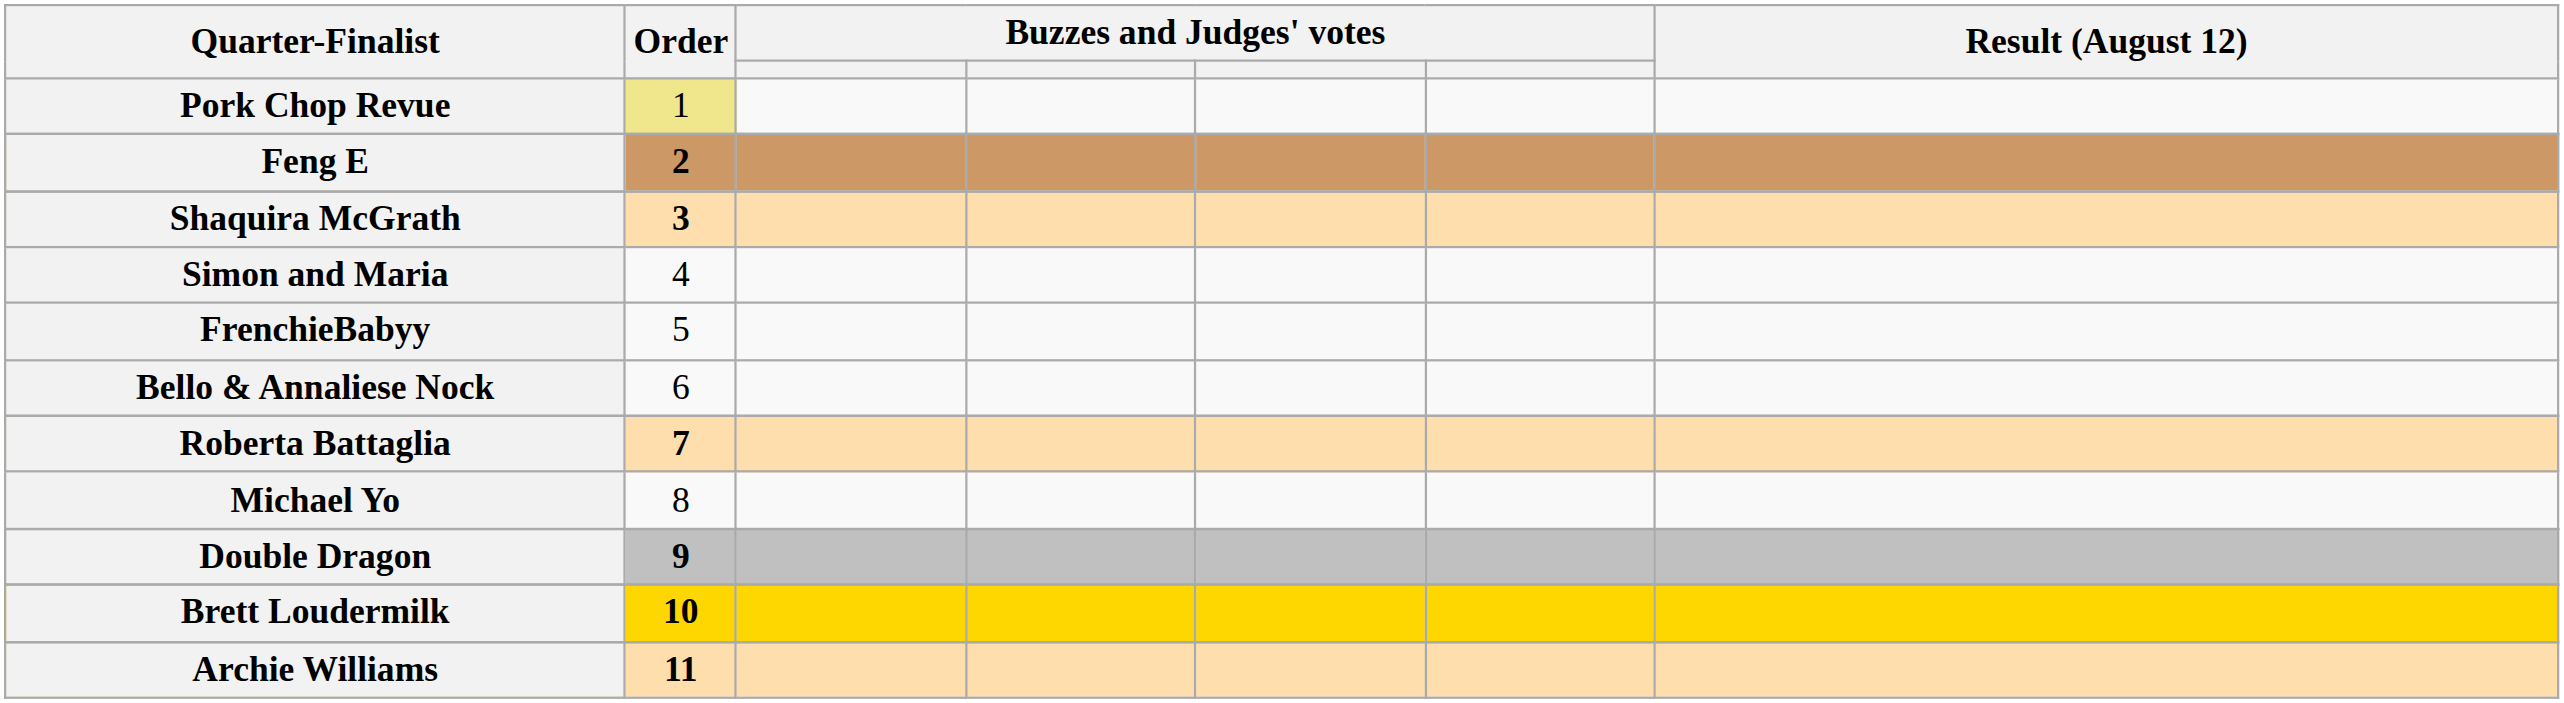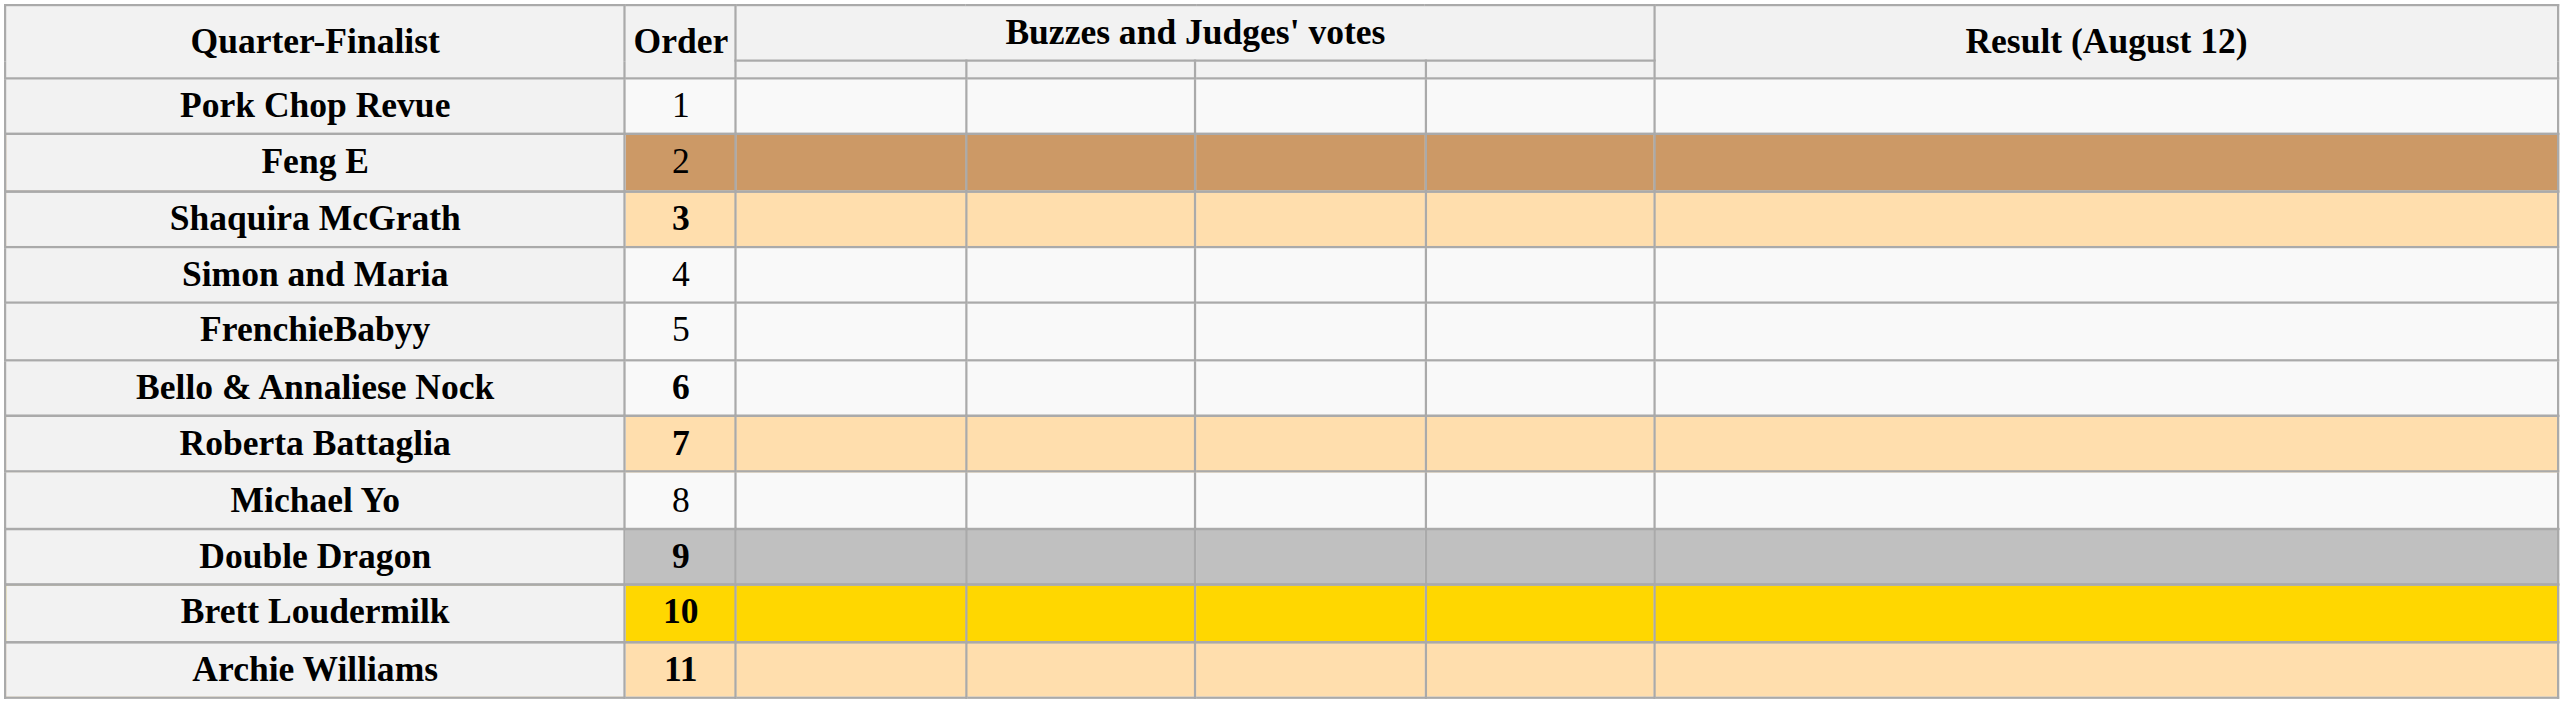 <table class="wikitable plainrowheaders sortable" style="text-align:center;">
 <tr>
 <th scope="col" rowspan="2" class="unsortable" style="width:17em;">Quarter-Finalist</th>
 <th scope="col" rowspan="2" style="width:1em;">Order</th>
 <th scope="col" colspan="4" class="unsortable" style="width:24em;">Buzzes and Judges' votes</th>
 <th scope="col" rowspan="2" style="width:25em;">Result (August 12)</th>
 </tr>
 <tr>
 <th scope="col" class="unsortable" style="width:6em;"> </th>
 <th scope="col" class="unsortable" style="width:6em;"></th>
 <th scope="col" class="unsortable" style="width:6em;"></th>
 <th scope="col" class="unsortable" style="width:6em;"></th>
 </tr>
 <tr>
 <th scope="row">Pork Chop Revue</th>
-<td style="background: khaki;">1</td>
+<td>1</td>
 <td style="text-align:center;"></td>
 <td style="text-align:center;"></td>
 <td style="text-align:center;"></td>
 <td style="text-align:center;"></td>
 <td></td>
 </tr>
 <tr>
 </tr>
 <tr style="background:#c96">
 <th scope="row">Feng E</th>
-<td><strong>2</strong></td>
+<td>2</td>
 <td style="text-align:center;"></td>
 <td style="text-align:center;"></td>
 <td style="text-align:center;"></td>
 <td style="text-align:center;"></td>
 <td></td>
 </tr>
 <tr>
 </tr>
 <tr style="background:NavajoWhite">
 <th scope="row"><strong>Shaquira McGrath</strong></th>
 <td><strong>3</strong></td>
 <td style="text-align:center;"></td>
 <td style="text-align:center;"></td>
 <td style="text-align:center;"></td>
 <td style="text-align:center;"></td>
 <td><strong></strong></td>
 </tr>
 <tr>
 <th scope="row">Simon and Maria</th>
 <td>4</td>
 <td style="text-align:center;"></td>
 <td style="text-align:center;"></td>
 <td style="text-align:center;"></td>
 <td style="text-align:center;"></td>
 <td></td>
 </tr>
 <tr>
 <th scope="row">FrenchieBabyy</th>
 <td>5</td>
 <td style="text-align:center;"></td>
 <td style="text-align:center;"></td>
 <td style="text-align:center;"></td>
 <td style="text-align:center;"></td>
 <td></td>
 </tr>
 <tr>
 <th scope="row">Bello & Annaliese Nock</th>
-<td>6</td>
+<td><strong>6</strong></td>
 <td style="text-align:center;"></td>
 <td style="text-align:center;"></td>
 <td style="text-align:center;"></td>
 <td style="text-align:center;"></td>
 <td></td>
 </tr>
 <tr>
 </tr>
 <tr style="background:NavajoWhite">
 <th scope="row"><strong>Roberta Battaglia</strong></th>
 <td><strong>7</strong></td>
 <td style="text-align:center;"></td>
 <td style="text-align:center;"></td>
 <td style="text-align:center;"></td>
 <td style="text-align:center;"></td>
 <td><strong></strong></td>
 </tr>
 <tr>
 <th scope="row">Michael Yo</th>
 <td>8</td>
 <td style="text-align:center;"></td>
 <td style="text-align:center;"></td>
 <td style="text-align:center;"></td>
 <td style="text-align:center;"></td>
 <td></td>
 </tr>
 <tr>
 </tr>
 <tr style="background:silver">
 <th scope="row"><strong>Double Dragon</strong></th>
 <td><strong>9</strong></td>
 <td style="text-align:center;"></td>
 <td style="text-align:center;"></td>
 <td style="text-align:center;"></td>
 <td style="text-align:center;"></td>
 <td><strong></strong></td>
 </tr>
 <tr>
 </tr>
 <tr style="background:gold">
 <th scope="row"><strong>Brett Loudermilk</strong></th>
 <td><strong>10</strong></td>
 <td style="text-align:center;"></td>
 <td style="text-align:center;"></td>
 <td style="text-align:center;"></td>
 <td style="text-align:center;"></td>
 <td><strong></strong></td>
 </tr>
 <tr>
 </tr>
 <tr style="background:NavajoWhite">
 <th scope="row"><strong>Archie Williams</strong></th>
 <td><strong>11</strong></td>
 <td style="text-align:center;"></td>
 <td style="text-align:center;"></td>
 <td style="text-align:center;"></td>
 <td style="text-align:center;"></td>
 <td><strong></strong></td>
 </tr>
 </table>
